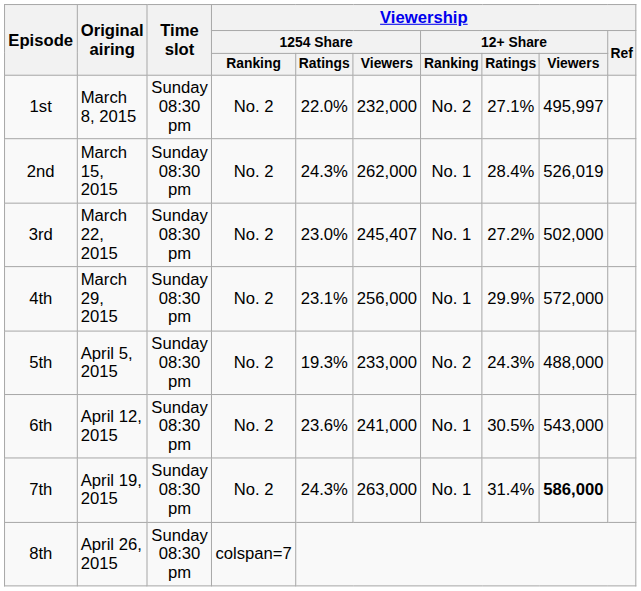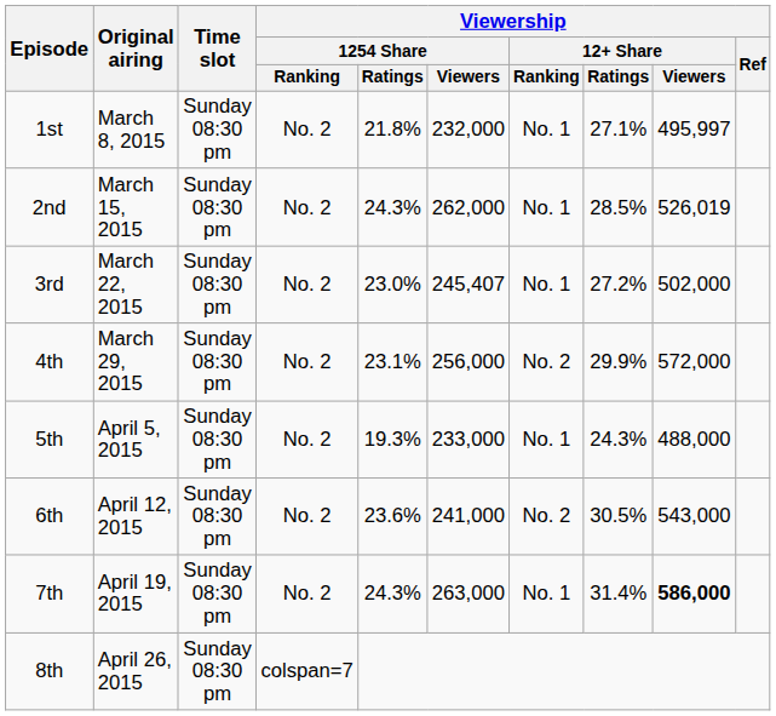 <table class="wikitable sortable" style="text-align:center">
 <tr>
 <th rowspan=3 width=6% class=unsortable>Episode</th>
 <th rowspan=3 width=18% class=unsortable>Original airing</th>
 <th rowspan=3 width=20% class=unsortable>Time slot <br></th>
 <th width=56% colspan=7><a href='#'>Viewership</a></th>
 </tr>
 <tr style=font-size:smaller>
 <th colspan=3 width=26%>1254 Share</th>
 <th colspan=3 width=26%>12+ Share</th>
 <th rowspan=2 width=4% class=unsortable>Ref</th>
 </tr>
 <tr style=font-size:smaller>
 <th class=unsortable width=8%>Ranking</th>
 <th width=8%>Ratings</th>
 <th width=10%>Viewers</th>
 <th width=8%>Ranking</th>
 <th width=8%>Ratings</th>
 <th width=10%>Viewers</th>
 </tr>
 <tr>
 <td>1st</td>
 <td align=left>March 8, 2015</td>
 <td>Sunday 08:30 pm</td>
 <td>No. 2</td>
-<td>22.0%</td>
+<td>21.8%</td>
 <td>232,000</td>
-<td>No. 2</td>
+<td>No. 1</td>
 <td>27.1%</td>
 <td>495,997</td>
 <td width=4%></td>
 </tr>
 <tr>
 <td>2nd</td>
 <td align=left>March 15, 2015</td>
 <td>Sunday 08:30 pm</td>
 <td>No. 2</td>
 <td>24.3%</td>
 <td>262,000</td>
 <td>No. 1</td>
-<td>28.4%</td>
+<td>28.5%</td>
 <td>526,019</td>
 <td width=4%></td>
 </tr>
 <tr>
 <td>3rd</td>
 <td align=left>March 22, 2015</td>
 <td>Sunday 08:30 pm</td>
 <td>No. 2</td>
 <td>23.0%</td>
 <td>245,407</td>
 <td>No. 1</td>
 <td>27.2%</td>
 <td>502,000</td>
 <td width=4%></td>
 </tr>
 <tr>
 <td>4th</td>
 <td align=left>March 29, 2015</td>
 <td>Sunday 08:30 pm</td>
 <td>No. 2</td>
 <td>23.1%</td>
 <td>256,000</td>
-<td>No. 1</td>
+<td>No. 2</td>
 <td>29.9%</td>
 <td>572,000</td>
 <td width=4%></td>
 </tr>
 <tr>
 <td>5th</td>
 <td align=left>April 5, 2015</td>
 <td>Sunday 08:30 pm</td>
 <td>No. 2</td>
 <td>19.3%</td>
 <td>233,000</td>
-<td>No. 2</td>
+<td>No. 1</td>
 <td>24.3%</td>
 <td>488,000</td>
 <td width=4%></td>
 </tr>
 <tr>
 <td>6th</td>
 <td align=left>April 12, 2015</td>
 <td>Sunday 08:30 pm</td>
 <td>No. 2</td>
 <td>23.6%</td>
 <td>241,000</td>
-<td>No. 1</td>
+<td>No. 2</td>
 <td>30.5%</td>
 <td>543,000</td>
 <td width=4%></td>
 </tr>
 <tr>
 <td>7th</td>
 <td align=left>April 19, 2015</td>
 <td>Sunday 08:30 pm</td>
 <td>No. 2</td>
 <td>24.3%</td>
 <td>263,000</td>
 <td>No. 1</td>
 <td>31.4%</td>
 <td><strong>586,000</strong></td>
 <td width=4%></td>
 </tr>
 <tr>
 <td>8th</td>
 <td align=left>April 26, 2015</td>
 <td>Sunday 08:30 pm</td>
 <td>colspan=7 </td>
 </tr>
 </table>
